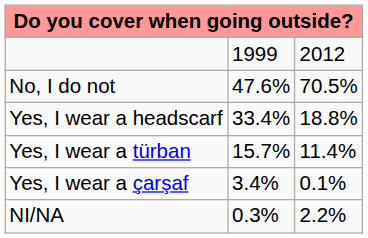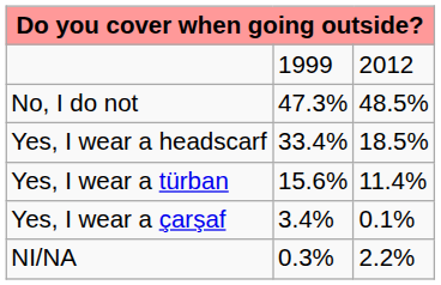 <table class="wikitable" style="border:1px black; float:right; margin-center:1em;">
 <tr>
 <th style="background:#f99;" colspan="4">Do you cover when going outside?</th>
 </tr>
 <tr Answers>
 <td></td>
 <td>1999</td>
 <td>2012</td>
 </tr>
 <tr>
 <td>No, I do not</td>
-<td>47.6%</td>
-<td>70.5%</td>
+<td>47.3%</td>
+<td>48.5%</td>
 </tr>
 <tr>
 <td>Yes, I wear a headscarf</td>
 <td>33.4%</td>
-<td>18.8%</td>
+<td>18.5%</td>
 </tr>
 <tr>
 <td>Yes, I wear a <a href='#'>türban</a></td>
-<td>15.7%</td>
+<td>15.6%</td>
 <td>11.4%</td>
 </tr>
 <tr>
 <td>Yes, I wear a <a href='#'>çarşaf</a></td>
 <td>3.4%</td>
 <td>0.1%</td>
 </tr>
 <tr>
 <td>NI/NA</td>
 <td>0.3%</td>
 <td>2.2%</td>
 </tr>
 </table>
